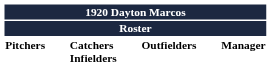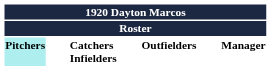 <table class="toccolours" style="font-size: 95%;">
 <tr>
 <th colspan="10" style="background-color: #1c2841; color: white; text-align: center;">1920 Dayton Marcos</th>
 </tr>
 <tr>
 <td colspan="10" style="background-color:#1c2841; color: white; text-align: center;"><strong>Roster</strong></td>
 </tr>
 <tr>
-<td valign="top"><strong>Pitchers</strong></td>
+<td valign="top" style="background: paleturquoise;"><strong>Pitchers</strong></td>
 <td width="25px"></td>
 <td valign="top"><strong>Catchers</strong><br><strong>Infielders</strong> </td>
 <td width="25px"></td>
 <td valign="top"><strong>Outfielders</strong></td>
 <td width="25px"></td>
 <td valign="top"><strong>Manager</strong><br></td>
 </tr>
 </table>
